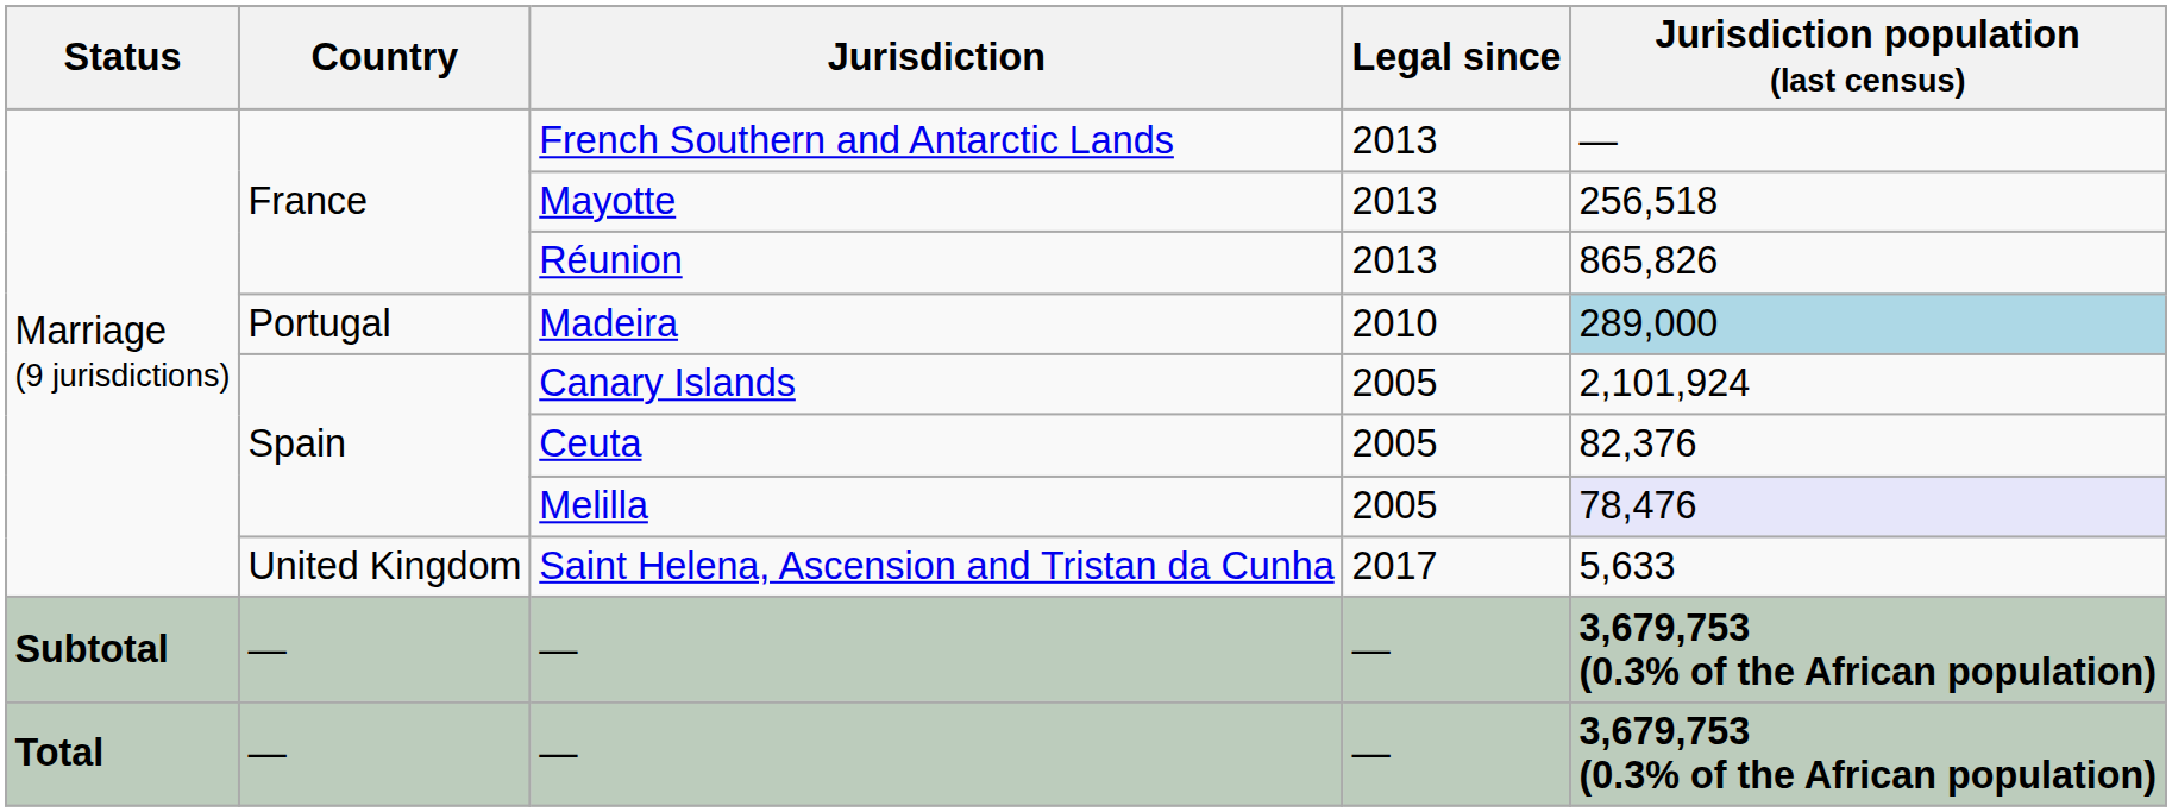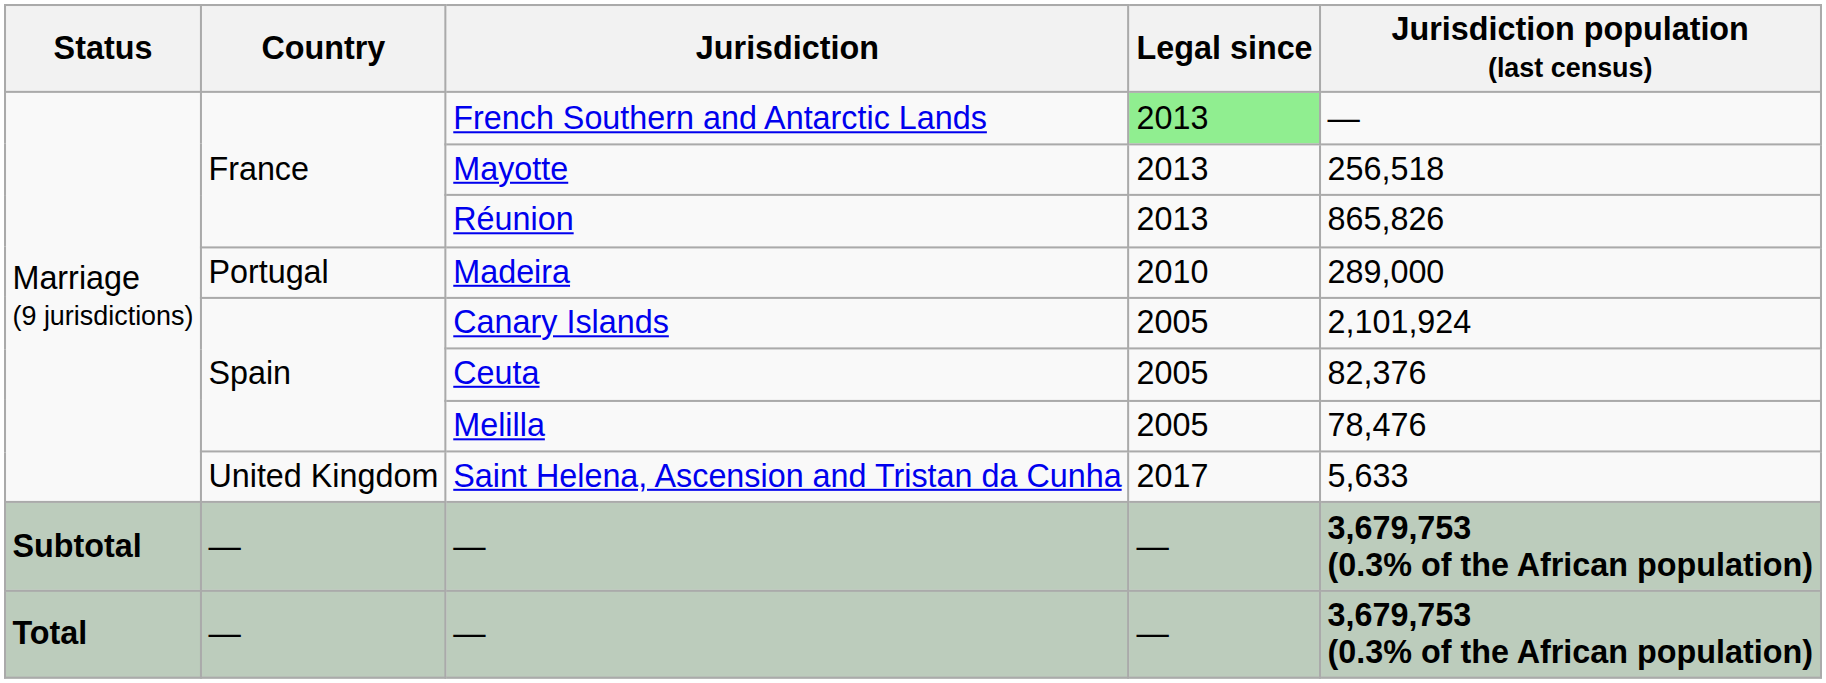 <table class="wikitable" style="width:sortable%">
 <tr>
 <th>Status</th>
 <th>Country</th>
 <th>Jurisdiction</th>
 <th>Legal since</th>
 <th>Jurisdiction population<br><small>(last census)</small></th>
 </tr>
 <tr>
 <td rowspan=8>Marriage <br><small>(9 jurisdictions)</small></td>
 <td rowspan=3> France</td>
 <td> <a href='#'>French Southern and Antarctic Lands</a></td>
-<td>2013</td>
+<td style="background: lightgreen;">2013</td>
 <td>—</td>
 </tr>
 <tr>
 <td> <a href='#'>Mayotte</a></td>
 <td>2013</td>
 <td>256,518</td>
 </tr>
 <tr>
 <td> <a href='#'>Réunion</a></td>
 <td>2013</td>
 <td>865,826</td>
 </tr>
 <tr>
 <td rowspan=1> Portugal</td>
 <td> <a href='#'>Madeira</a></td>
 <td>2010</td>
-<td style="background: lightblue;">289,000</td>
+<td>289,000</td>
 </tr>
 <tr>
 <td rowspan=3> Spain</td>
 <td> <a href='#'>Canary Islands</a></td>
 <td>2005</td>
 <td>2,101,924</td>
 </tr>
 <tr>
 <td> <a href='#'>Ceuta</a></td>
 <td>2005</td>
 <td>82,376</td>
 </tr>
 <tr>
 <td> <a href='#'>Melilla</a></td>
 <td>2005</td>
-<td style="background: lavender;">78,476</td>
+<td>78,476</td>
 </tr>
 <tr>
 <td rowspan=1> United Kingdom</td>
 <td> <a href='#'>Saint Helena, Ascension and Tristan da Cunha</a></td>
 <td>2017</td>
 <td>5,633</td>
 </tr>
 <tr class="sortbottom" style="background:#bcccbc;">
 <td><strong>Subtotal</strong></td>
 <td>—</td>
 <td>—</td>
 <td>—</td>
 <td><strong>3,679,753<br>(0.3% of the African population)</strong></td>
 </tr>
 <tr class="sortbottom" style="background:#bcccbc;">
 <td><strong>Total</strong></td>
 <td>—</td>
 <td>—</td>
 <td>—</td>
 <td><strong>3,679,753<br>(0.3% of the African population)</strong></td>
 </tr>
 </table>
